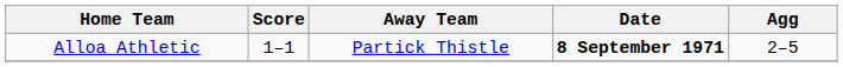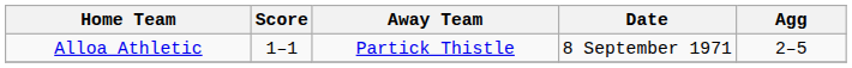 <table class="wikitable" style="text-align:center;">
 <tr>
 <th width=175>Home Team</th>
 <th width=20>Score</th>
 <th width=175>Away Team</th>
 <th width= 125>Date</th>
 <th width= 75>Agg</th>
 </tr>
 <tr>
 <td><a href='#'>Alloa Athletic</a></td>
 <td>1–1</td>
 <td><a href='#'>Partick Thistle</a></td>
-<td><strong>8 September 1971</strong></td>
+<td>8 September 1971</td>
 <td>2–5</td>
 </tr>
 <tr>
 </tr>
 </table>
